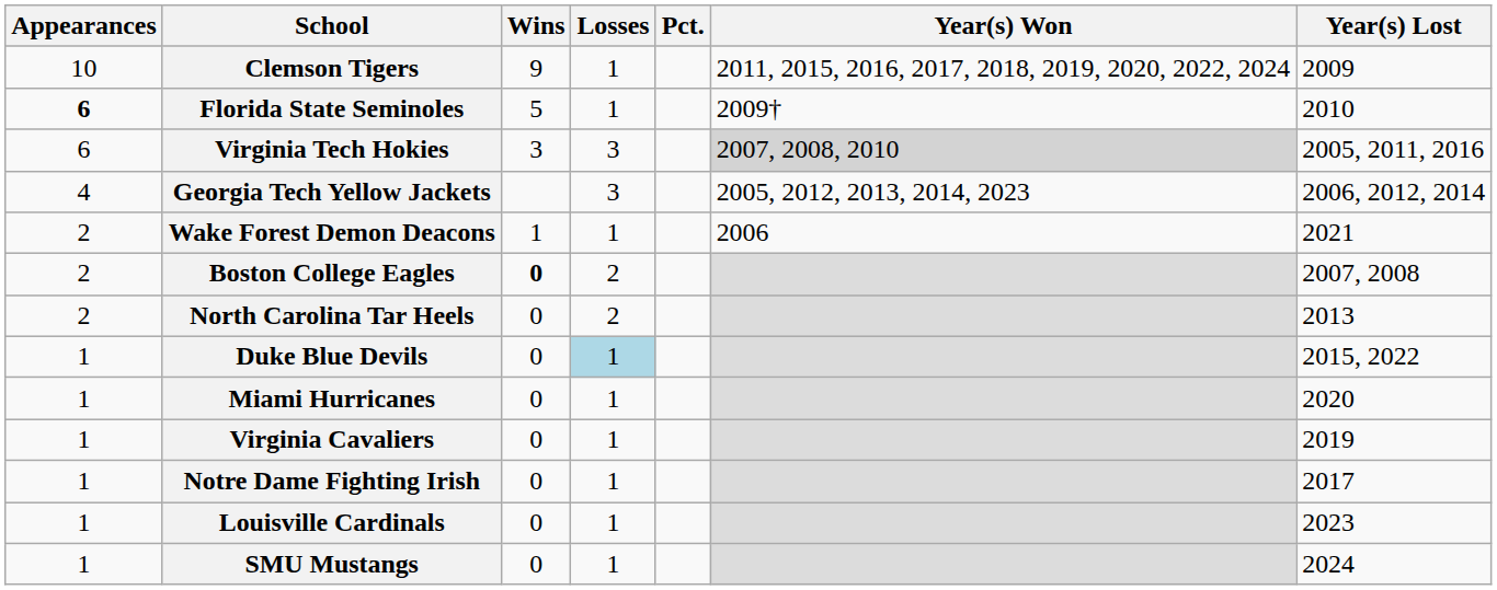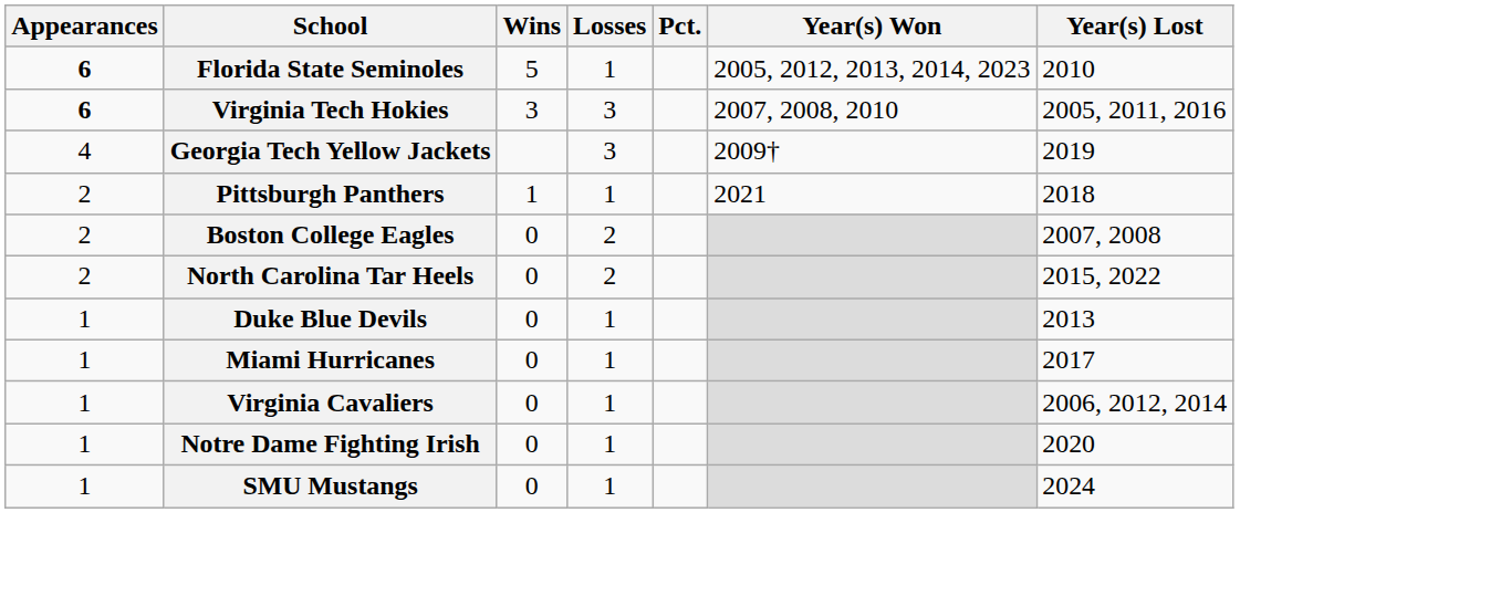 <table class="wikitable sortable">
 <tr>
 <th>Appearances</th>
 <th>School</th>
 <th>Wins</th>
 <th>Losses</th>
 <th>Pct.</th>
 <th>Year(s) Won</th>
 <th>Year(s) Lost</th>
 </tr>
 <tr>
-<td align=center>10</td>
-<th>Clemson Tigers</th>
-<td align=center>9</td>
-<td align=center>1</td>
-<td align=center></td>
-<td>2011, 2015, 2016, 2017, 2018, 2019, 2020, 2022, 2024</td>
-<td>2009</td>
-</tr>
-<tr>
 <td align=center><strong>6</strong></td>
 <th>Florida State Seminoles</th>
 <td align=center>5</td>
 <td align=center>1</td>
 <td align=center></td>
-<td>2009†</td>
+<td>2005, 2012, 2013, 2014, 2023</td>
 <td>2010</td>
 </tr>
 <tr>
-<td align=center>6</td>
+<td align=center><strong>6</strong></td>
 <th>Virginia Tech Hokies</th>
 <td align=center>3</td>
 <td align=center>3</td>
 <td align=center></td>
-<td style="background: lightgrey;">2007, 2008, 2010</td>
+<td>2007, 2008, 2010</td>
 <td>2005, 2011, 2016</td>
 </tr>
 <tr>
 <td align=center>4</td>
 <th>Georgia Tech Yellow Jackets</th>
 <td align=center></td>
 <td align=center>3</td>
 <td align=center></td>
-<td>2005, 2012, 2013, 2014, 2023</td>
-<td>2006, 2012, 2014</td>
+<td>2009†</td>
+<td>2019</td>
 </tr>
 <tr>
 <td align="center">2</td>
-<th>Wake Forest Demon Deacons</th>
+<th>Pittsburgh Panthers</th>
 <td align="center">1</td>
 <td align="center">1</td>
 <td align="center"></td>
-<td>2006</td>
 <td>2021</td>
+<td>2018</td>
 </tr>
 <tr>
 <td align=center>2</td>
 <th>Boston College Eagles</th>
-<td align=center><strong>0</strong></td>
+<td align=center>0</td>
 <td align=center>2</td>
 <td align=center></td>
 <td style="background:#DCDCDC;"> </td>
 <td>2007, 2008</td>
 </tr>
 <tr>
 <td align=center>2</td>
 <th>North Carolina Tar Heels</th>
 <td align=center>0</td>
 <td align=center>2</td>
 <td align=center></td>
 <td style="background:#DCDCDC;"> </td>
-<td>2013</td>
+<td>2015, 2022</td>
 </tr>
 <tr>
 <td align=center>1</td>
 <th>Duke Blue Devils</th>
 <td align=center>0</td>
-<td align=center style="background: lightblue;">1</td>
+<td align=center>1</td>
 <td align=center></td>
 <td style="background:#DCDCDC;"> </td>
-<td>2015, 2022</td>
+<td>2013</td>
 </tr>
 <tr>
 <td align=center>1</td>
 <th>Miami Hurricanes</th>
 <td align=center>0</td>
 <td align=center>1</td>
 <td align=center></td>
 <td style="background:#DCDCDC;"> </td>
-<td>2020</td>
+<td>2017</td>
 </tr>
 <tr>
 <td align=center>1</td>
 <th>Virginia Cavaliers</th>
 <td align=center>0</td>
 <td align=center>1</td>
 <td align=center></td>
 <td style="background:#DCDCDC;"> </td>
-<td>2019</td>
+<td>2006, 2012, 2014</td>
 </tr>
 <tr>
 <td align=center>1</td>
 <th>Notre Dame Fighting Irish</th>
 <td align=center>0</td>
 <td align=center>1</td>
 <td align=center></td>
 <td style="background:#DCDCDC;"> </td>
-<td>2017</td>
-</tr>
-<tr>
-<td align=center>1</td>
-<th>Louisville Cardinals</th>
-<td align=center>0</td>
-<td align=center>1</td>
-<td align=center></td>
-<td style="background:#DCDCDC;"> </td>
-<td>2023</td>
+<td>2020</td>
 </tr>
 <tr>
 <td align=center>1</td>
 <th>SMU Mustangs</th>
 <td align=center>0</td>
 <td align=center>1</td>
 <td align=center></td>
 <td style="background:#DCDCDC;"> </td>
 <td>2024</td>
 </tr>
 </table>
